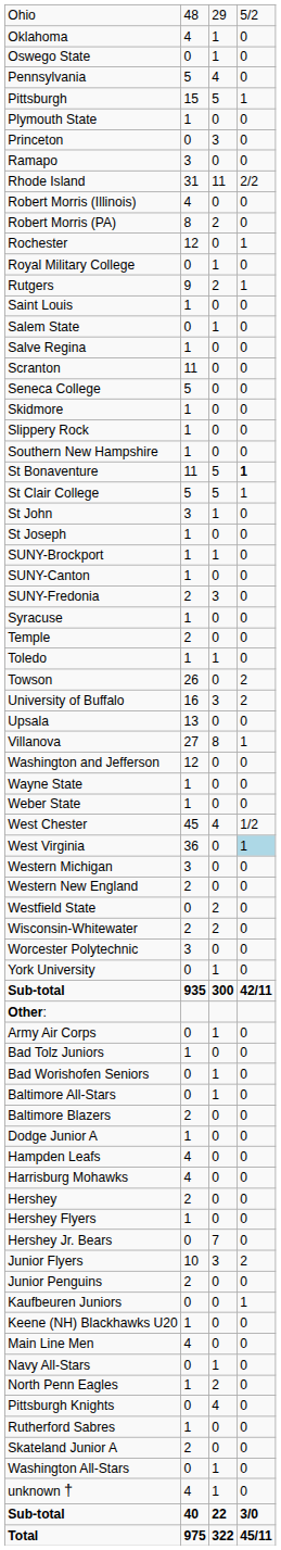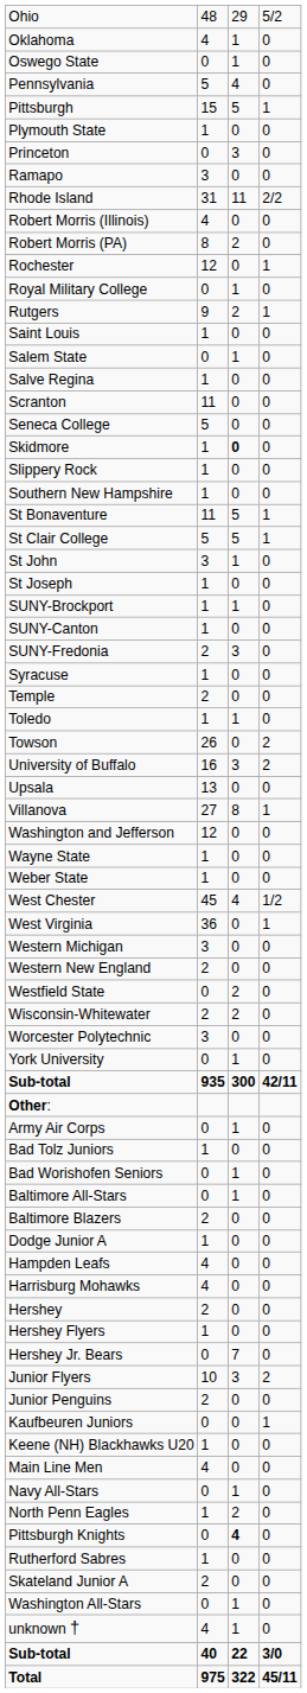 <table class="wikitable sortable" style="text-align:left; font-size:90%; border:1px;; cellpadding:5; cellspacing:0;">
 <tr --->
 <td>Ohio</td>
 <td>48</td>
 <td>29</td>
 <td>5/2</td>
 </tr>
 <tr --->
 <td>Oklahoma</td>
 <td>4</td>
 <td>1</td>
 <td>0</td>
 </tr>
 <tr --->
 <td>Oswego State</td>
 <td>0</td>
 <td>1</td>
 <td>0</td>
 </tr>
 <tr --->
 <td>Pennsylvania</td>
 <td>5</td>
 <td>4</td>
 <td>0</td>
 </tr>
 <tr --->
 <td>Pittsburgh</td>
 <td>15</td>
 <td>5</td>
 <td>1</td>
 </tr>
 <tr --->
 <td>Plymouth State</td>
 <td>1</td>
 <td>0</td>
 <td>0</td>
 </tr>
 <tr --->
 <td>Princeton</td>
 <td>0</td>
 <td>3</td>
 <td>0</td>
 </tr>
 <tr --->
 <td>Ramapo</td>
 <td>3</td>
 <td>0</td>
 <td>0</td>
 </tr>
 <tr --->
 <td>Rhode Island</td>
 <td>31</td>
 <td>11</td>
 <td>2/2</td>
 </tr>
 <tr --->
 <td>Robert Morris (Illinois)</td>
 <td>4</td>
 <td>0</td>
 <td>0</td>
 </tr>
 <tr --->
 <td>Robert Morris (PA)</td>
 <td>8</td>
 <td>2</td>
 <td>0</td>
 </tr>
 <tr --->
 <td>Rochester</td>
 <td>12</td>
 <td>0</td>
 <td>1</td>
 </tr>
 <tr --->
 <td>Royal Military College</td>
 <td>0</td>
 <td>1</td>
 <td>0</td>
 </tr>
 <tr --->
 <td>Rutgers</td>
 <td>9</td>
 <td>2</td>
 <td>1</td>
 </tr>
 <tr --->
 <td>Saint Louis</td>
 <td>1</td>
 <td>0</td>
 <td>0</td>
 </tr>
 <tr --->
 <td>Salem State</td>
 <td>0</td>
 <td>1</td>
 <td>0</td>
 </tr>
 <tr --->
 <td>Salve Regina</td>
 <td>1</td>
 <td>0</td>
 <td>0</td>
 </tr>
 <tr --->
 <td>Scranton</td>
 <td>11</td>
 <td>0</td>
 <td>0</td>
 </tr>
 <tr --->
 <td>Seneca College</td>
 <td>5</td>
 <td>0</td>
 <td>0</td>
 </tr>
 <tr --->
 <td>Skidmore</td>
 <td>1</td>
-<td>0</td>
+<td><strong>0</strong></td>
 <td>0</td>
 </tr>
 <tr --->
 <td>Slippery Rock</td>
 <td>1</td>
 <td>0</td>
 <td>0</td>
 </tr>
 <tr --->
 <td>Southern New Hampshire</td>
 <td>1</td>
 <td>0</td>
 <td>0</td>
 </tr>
 <tr --->
 <td>St Bonaventure</td>
 <td>11</td>
 <td>5</td>
-<td><strong>1</strong></td>
+<td>1</td>
 </tr>
 <tr --->
 <td>St Clair College</td>
 <td>5</td>
 <td>5</td>
 <td>1</td>
 </tr>
 <tr --->
 <td>St John</td>
 <td>3</td>
 <td>1</td>
 <td>0</td>
 </tr>
 <tr --->
 <td>St Joseph</td>
 <td>1</td>
 <td>0</td>
 <td>0</td>
 </tr>
 <tr --->
 <td>SUNY-Brockport</td>
 <td>1</td>
 <td>1</td>
 <td>0</td>
 </tr>
 <tr --->
 <td>SUNY-Canton</td>
 <td>1</td>
 <td>0</td>
 <td>0</td>
 </tr>
 <tr --->
 <td>SUNY-Fredonia</td>
 <td>2</td>
 <td>3</td>
 <td>0</td>
 </tr>
 <tr --->
 <td>Syracuse</td>
 <td>1</td>
 <td>0</td>
 <td>0</td>
 </tr>
 <tr --->
 <td>Temple</td>
 <td>2</td>
 <td>0</td>
 <td>0</td>
 </tr>
 <tr --->
 <td>Toledo</td>
 <td>1</td>
 <td>1</td>
 <td>0</td>
 </tr>
 <tr --->
 <td>Towson</td>
 <td>26</td>
 <td>0</td>
 <td>2</td>
 </tr>
 <tr --->
 <td>University of Buffalo</td>
 <td>16</td>
 <td>3</td>
 <td>2</td>
 </tr>
 <tr --->
 <td>Upsala</td>
 <td>13</td>
 <td>0</td>
 <td>0</td>
 </tr>
 <tr --->
 <td>Villanova</td>
 <td>27</td>
 <td>8</td>
 <td>1</td>
 </tr>
 <tr --->
 <td>Washington and Jefferson</td>
 <td>12</td>
 <td>0</td>
 <td>0</td>
 </tr>
 <tr --->
 <td>Wayne State</td>
 <td>1</td>
 <td>0</td>
 <td>0</td>
 </tr>
 <tr --->
 <td>Weber State</td>
 <td>1</td>
 <td>0</td>
 <td>0</td>
 </tr>
 <tr --->
 <td>West Chester</td>
 <td>45</td>
 <td>4</td>
 <td>1/2</td>
 </tr>
 <tr --->
 <td>West Virginia</td>
 <td>36</td>
 <td>0</td>
-<td style="background: lightblue;">1</td>
+<td>1</td>
 </tr>
 <tr --->
 <td>Western Michigan</td>
 <td>3</td>
 <td>0</td>
 <td>0</td>
 </tr>
 <tr --->
 <td>Western New England</td>
 <td>2</td>
 <td>0</td>
 <td>0</td>
 </tr>
 <tr --->
 <td>Westfield State</td>
 <td>0</td>
 <td>2</td>
 <td>0</td>
 </tr>
 <tr --->
 <td>Wisconsin-Whitewater</td>
 <td>2</td>
 <td>2</td>
 <td>0</td>
 </tr>
 <tr --->
 <td>Worcester Polytechnic</td>
 <td>3</td>
 <td>0</td>
 <td>0</td>
 </tr>
 <tr --->
 <td>York University</td>
 <td>0</td>
 <td>1</td>
 <td>0</td>
 </tr>
 <tr --->
 <td><strong>Sub-total</strong></td>
 <td><strong>935</strong></td>
 <td><strong>300</strong></td>
 <td><strong>42/11</strong></td>
 </tr>
 <tr --->
 <td><strong>Other</strong>:</td>
 <td></td>
 <td></td>
 <td></td>
 </tr>
 <tr --->
 <td>Army Air Corps</td>
 <td>0</td>
 <td>1</td>
 <td>0</td>
 </tr>
 <tr --->
 <td>Bad Tolz Juniors</td>
 <td>1</td>
 <td>0</td>
 <td>0</td>
 </tr>
 <tr --->
 <td>Bad Worishofen Seniors</td>
 <td>0</td>
 <td>1</td>
 <td>0</td>
 </tr>
 <tr --->
 <td>Baltimore All-Stars</td>
 <td>0</td>
 <td>1</td>
 <td>0</td>
 </tr>
 <tr --->
 <td>Baltimore Blazers</td>
 <td>2</td>
 <td>0</td>
 <td>0</td>
 </tr>
 <tr --->
 <td>Dodge Junior A</td>
 <td>1</td>
 <td>0</td>
 <td>0</td>
 </tr>
 <tr --->
 <td>Hampden Leafs</td>
 <td>4</td>
 <td>0</td>
 <td>0</td>
 </tr>
 <tr --->
 <td>Harrisburg Mohawks</td>
 <td>4</td>
 <td>0</td>
 <td>0</td>
 </tr>
 <tr --->
 <td>Hershey</td>
 <td>2</td>
 <td>0</td>
 <td>0</td>
 </tr>
 <tr --->
 <td>Hershey Flyers</td>
 <td>1</td>
 <td>0</td>
 <td>0</td>
 </tr>
 <tr --->
 <td>Hershey Jr. Bears</td>
 <td>0</td>
 <td>7</td>
 <td>0</td>
 </tr>
 <tr --->
 <td>Junior Flyers</td>
 <td>10</td>
 <td>3</td>
 <td>2</td>
 </tr>
 <tr --->
 <td>Junior Penguins</td>
 <td>2</td>
 <td>0</td>
 <td>0</td>
 </tr>
 <tr --->
 <td>Kaufbeuren Juniors</td>
 <td>0</td>
 <td>0</td>
 <td>1</td>
 </tr>
 <tr --->
 <td>Keene (NH) Blackhawks U20</td>
 <td>1</td>
 <td>0</td>
 <td>0</td>
 </tr>
 <tr --->
 <td>Main Line Men</td>
 <td>4</td>
 <td>0</td>
 <td>0</td>
 </tr>
 <tr --->
 <td>Navy All-Stars</td>
 <td>0</td>
 <td>1</td>
 <td>0</td>
 </tr>
 <tr --->
 <td>North Penn Eagles</td>
 <td>1</td>
 <td>2</td>
 <td>0</td>
 </tr>
 <tr --->
 <td>Pittsburgh Knights</td>
 <td>0</td>
-<td>4</td>
+<td><strong>4</strong></td>
 <td>0</td>
 </tr>
 <tr --->
 <td>Rutherford Sabres</td>
 <td>1</td>
 <td>0</td>
 <td>0</td>
 </tr>
 <tr --->
 <td>Skateland Junior A</td>
 <td>2</td>
 <td>0</td>
 <td>0</td>
 </tr>
 <tr --->
 <td>Washington All-Stars</td>
 <td>0</td>
 <td>1</td>
 <td>0</td>
 </tr>
 <tr --->
 <td>unknown <big>†</big></td>
 <td>4</td>
 <td>1</td>
 <td>0</td>
 </tr>
 <tr --->
 <td><strong>Sub-total</strong></td>
 <td><strong>40</strong></td>
 <td><strong>22</strong></td>
 <td><strong>3/0</strong></td>
 </tr>
 <tr --->
 <td><strong>Total</strong></td>
 <td><strong>975</strong></td>
 <td><strong>322</strong></td>
 <td><strong>45/11 </strong></td>
 </tr>
 <tr --->
 </tr>
 </table>
